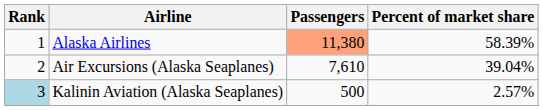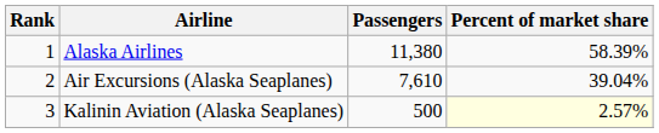 <table class="wikitable">
 <tr>
 <th>Rank</th>
 <th>Airline</th>
 <th>Passengers</th>
 <th>Percent of market share</th>
 </tr>
 <tr>
 <td align=right>1</td>
 <td><a href='#'>Alaska Airlines</a></td>
-<td align=right style="background: lightsalmon;">11,380</td>
+<td align=right>11,380</td>
 <td align=right>58.39%</td>
 </tr>
 <tr>
 <td align=right>2</td>
 <td>Air Excursions (Alaska Seaplanes)</td>
 <td align=right>7,610</td>
 <td align=right>39.04%</td>
 </tr>
 <tr>
-<td align=right style="background: lightblue;">3</td>
+<td align=right>3</td>
 <td>Kalinin Aviation (Alaska Seaplanes)</td>
 <td align=right>500</td>
-<td align=right>2.57%</td>
+<td align=right style="background: lightyellow;">2.57%</td>
 </tr>
 <tr>
 </tr>
 </table>
